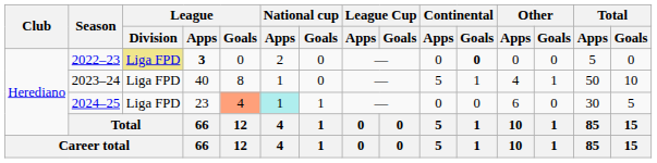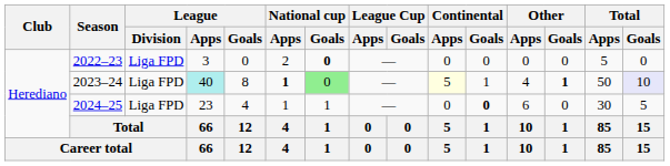 <table class="wikitable" style="text-align:center">
 <tr>
 <th rowspan="2">Club</th>
 <th rowspan="2">Season</th>
 <th colspan="3">League</th>
 <th colspan="2">National cup</th>
 <th colspan="2">League Cup</th>
 <th colspan="2">Continental</th>
 <th colspan="2">Other</th>
 <th colspan="2">Total</th>
 </tr>
 <tr>
 <th>Division</th>
 <th>Apps</th>
 <th>Goals</th>
 <th>Apps</th>
 <th>Goals</th>
 <th>Apps</th>
 <th>Goals</th>
 <th>Apps</th>
 <th>Goals</th>
 <th>Apps</th>
 <th>Goals</th>
 <th>Apps</th>
 <th>Goals</th>
 </tr>
 <tr>
 <td rowspan="4"><a href='#'>Herediano</a></td>
 <td><a href='#'>2022–23</a></td>
-<td style="background: khaki;"><a href='#'>Liga FPD</a></td>
-<td><strong>3</strong></td>
+<td><a href='#'>Liga FPD</a></td>
+<td>3</td>
 <td>0</td>
 <td>2</td>
-<td>0</td>
+<td><strong>0</strong></td>
 <td colspan="2">—</td>
 <td>0</td>
-<td><strong>0</strong></td>
+<td>0</td>
 <td>0</td>
 <td>0</td>
 <td>5</td>
 <td>0</td>
 </tr>
 <tr>
 <td>2023–24</td>
 <td>Liga FPD</td>
-<td>40</td>
+<td style="background: paleturquoise;">40</td>
 <td>8</td>
-<td>1</td>
-<td>0</td>
+<td><strong>1</strong></td>
+<td style="background: lightgreen;">0</td>
 <td colspan="2">—</td>
-<td>5</td>
+<td style="background: lightyellow;">5</td>
 <td>1</td>
 <td>4</td>
-<td>1</td>
+<td><strong>1</strong></td>
 <td>50</td>
-<td>10</td>
+<td style="background: lavender;">10</td>
 </tr>
 <tr>
 <td><a href='#'>2024–25</a></td>
 <td>Liga FPD</td>
 <td>23</td>
-<td style="background: lightsalmon;">4</td>
-<td style="background: paleturquoise;">1</td>
+<td>4</td>
+<td>1</td>
 <td>1</td>
 <td colspan="2">—</td>
 <td>0</td>
-<td>0</td>
+<td><strong>0</strong></td>
 <td>6</td>
 <td>0</td>
 <td>30</td>
 <td>5</td>
 </tr>
 <tr>
 <th colspan="2">Total</th>
 <th>66</th>
 <th>12</th>
 <th>4</th>
 <th>1</th>
 <th>0</th>
 <th>0</th>
 <th>5</th>
 <th>1</th>
 <th>10</th>
 <th>1</th>
 <th>85</th>
 <th>15</th>
 </tr>
 <tr>
 <th colspan="3">Career total</th>
 <th>66</th>
 <th>12</th>
 <th>4</th>
 <th>1</th>
 <th>0</th>
 <th>0</th>
 <th>5</th>
 <th>1</th>
 <th>10</th>
 <th>1</th>
 <th>85</th>
 <th>15</th>
 </tr>
 </table>
